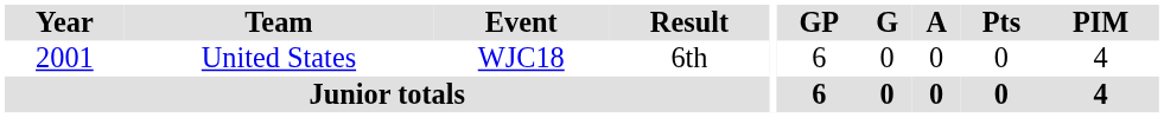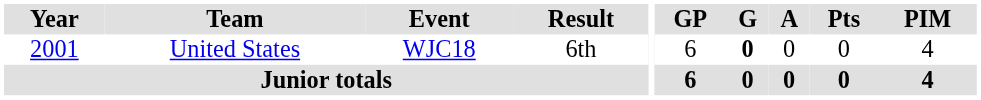 <table border="0" cellpadding="1" cellspacing="0" ID="Table3" style="text-align:center; width:40em">
 <tr ALIGN="center" bgcolor="#e0e0e0">
 <th>Year</th>
 <th>Team</th>
 <th>Event</th>
 <th>Result</th>
 <th rowspan="99" bgcolor="#ffffff"></th>
 <th>GP</th>
 <th>G</th>
 <th>A</th>
 <th>Pts</th>
 <th>PIM</th>
 </tr>
 <tr>
 <td><a href='#'>2001</a></td>
 <td><a href='#'>United States</a></td>
 <td><a href='#'>WJC18</a></td>
 <td>6th</td>
 <td>6</td>
-<td>0</td>
+<td><strong>0</strong></td>
 <td>0</td>
 <td>0</td>
 <td>4</td>
 </tr>
 <tr bgcolor="#e0e0e0">
 <th colspan="4">Junior totals</th>
 <th>6</th>
 <th>0</th>
 <th>0</th>
 <th>0</th>
 <th>4</th>
 </tr>
 </table>
